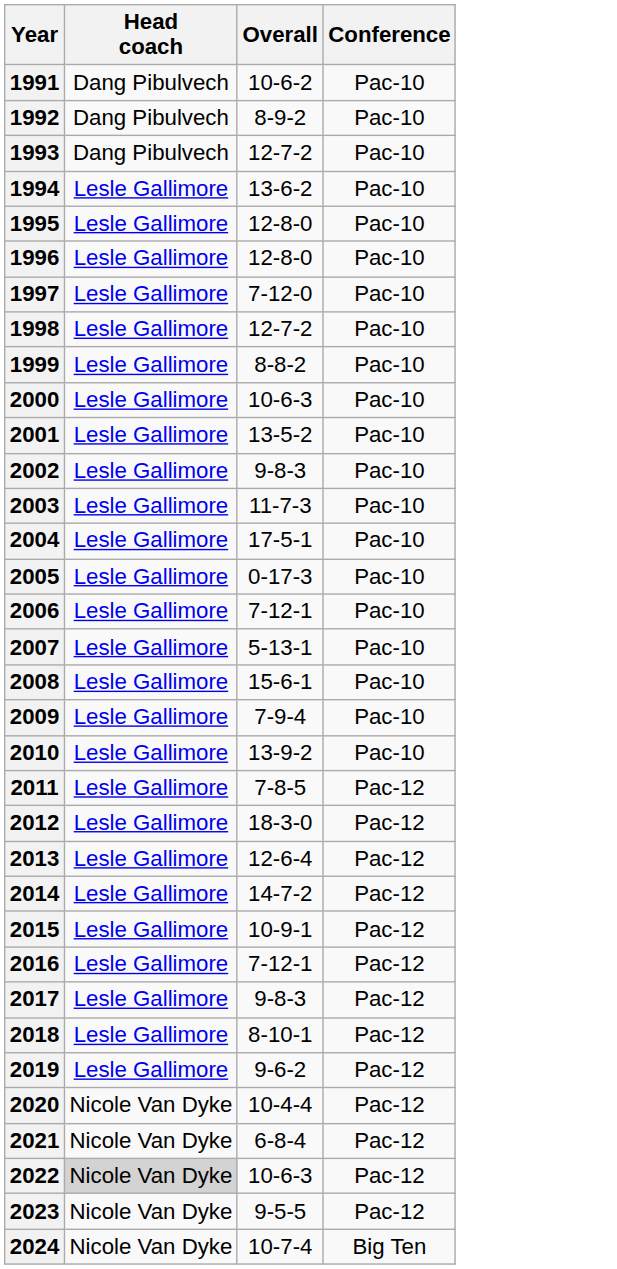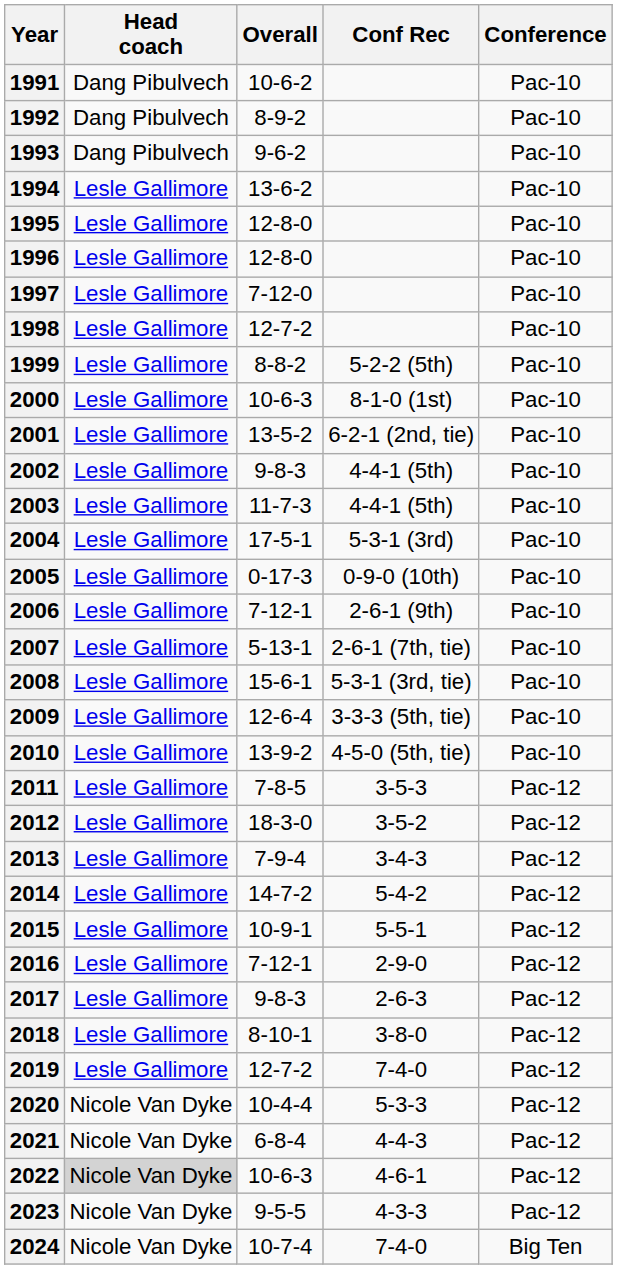 <table class="wikitable" style="text-align: center;">
 <tr>
 <th width=px>Year</th>
 <th width=px>Head<br>coach</th>
 <th width=px>Overall</th>
+<th width=px>Conf Rec</th>
 <th width=px>Conference</th>
 </tr>
 <tr>
 <th>1991</th>
 <td>Dang Pibulvech</td>
 <td>10-6-2</td>
+<td></td>
 <td>Pac-10</td>
 </tr>
 <tr>
 <th>1992</th>
 <td>Dang Pibulvech</td>
 <td>8-9-2</td>
+<td></td>
 <td>Pac-10</td>
 </tr>
 <tr>
 <th>1993</th>
 <td>Dang Pibulvech</td>
-<td>12-7-2</td>
+<td>9-6-2</td>
+<td></td>
 <td>Pac-10</td>
 </tr>
 <tr>
 <th>1994</th>
 <td><a href='#'>Lesle Gallimore</a></td>
 <td>13-6-2</td>
+<td></td>
 <td>Pac-10</td>
 </tr>
 <tr>
 <th>1995</th>
 <td><a href='#'>Lesle Gallimore</a></td>
 <td>12-8-0</td>
+<td></td>
 <td>Pac-10</td>
 </tr>
 <tr>
 <th>1996</th>
 <td><a href='#'>Lesle Gallimore</a></td>
 <td>12-8-0</td>
+<td></td>
 <td>Pac-10</td>
 </tr>
 <tr>
 <th>1997</th>
 <td><a href='#'>Lesle Gallimore</a></td>
 <td>7-12-0</td>
+<td></td>
 <td>Pac-10</td>
 </tr>
 <tr>
 <th>1998</th>
 <td><a href='#'>Lesle Gallimore</a></td>
 <td>12-7-2</td>
+<td></td>
 <td>Pac-10</td>
 </tr>
 <tr>
 <th>1999</th>
 <td><a href='#'>Lesle Gallimore</a></td>
 <td>8-8-2</td>
+<td>5-2-2 (5th)</td>
 <td>Pac-10</td>
 </tr>
 <tr>
 <th>2000</th>
 <td><a href='#'>Lesle Gallimore</a></td>
 <td>10-6-3</td>
+<td>8-1-0 (1st)</td>
 <td>Pac-10</td>
 </tr>
 <tr>
 <th>2001</th>
 <td><a href='#'>Lesle Gallimore</a></td>
 <td>13-5-2</td>
+<td>6-2-1 (2nd, tie)</td>
 <td>Pac-10</td>
 </tr>
 <tr>
 <th>2002</th>
 <td><a href='#'>Lesle Gallimore</a></td>
 <td>9-8-3</td>
+<td>4-4-1 (5th)</td>
 <td>Pac-10</td>
 </tr>
 <tr>
 <th>2003</th>
 <td><a href='#'>Lesle Gallimore</a></td>
 <td>11-7-3</td>
+<td>4-4-1 (5th)</td>
 <td>Pac-10</td>
 </tr>
 <tr>
 <th>2004</th>
 <td><a href='#'>Lesle Gallimore</a></td>
 <td>17-5-1</td>
+<td>5-3-1 (3rd)</td>
 <td>Pac-10</td>
 </tr>
 <tr>
 <th>2005</th>
 <td><a href='#'>Lesle Gallimore</a></td>
 <td>0-17-3</td>
+<td>0-9-0 (10th)</td>
 <td>Pac-10</td>
 </tr>
 <tr>
 <th>2006</th>
 <td><a href='#'>Lesle Gallimore</a></td>
 <td>7-12-1</td>
+<td>2-6-1 (9th)</td>
 <td>Pac-10</td>
 </tr>
 <tr>
 <th>2007</th>
 <td><a href='#'>Lesle Gallimore</a></td>
 <td>5-13-1</td>
+<td>2-6-1 (7th, tie)</td>
 <td>Pac-10</td>
 </tr>
 <tr>
 <th>2008</th>
 <td><a href='#'>Lesle Gallimore</a></td>
 <td>15-6-1</td>
+<td>5-3-1 (3rd, tie)</td>
 <td>Pac-10</td>
 </tr>
 <tr>
 <th>2009</th>
 <td><a href='#'>Lesle Gallimore</a></td>
-<td>7-9-4</td>
+<td>12-6-4</td>
+<td>3-3-3 (5th, tie)</td>
 <td>Pac-10</td>
 </tr>
 <tr>
 <th>2010</th>
 <td><a href='#'>Lesle Gallimore</a></td>
 <td>13-9-2</td>
+<td>4-5-0 (5th, tie)</td>
 <td>Pac-10</td>
 </tr>
 <tr>
 <th>2011</th>
 <td><a href='#'>Lesle Gallimore</a></td>
 <td>7-8-5</td>
+<td>3-5-3</td>
 <td>Pac-12</td>
 </tr>
 <tr>
 <th>2012</th>
 <td><a href='#'>Lesle Gallimore</a></td>
 <td>18-3-0</td>
+<td>3-5-2</td>
 <td>Pac-12</td>
 </tr>
 <tr>
 <th>2013</th>
 <td><a href='#'>Lesle Gallimore</a></td>
-<td>12-6-4</td>
+<td>7-9-4</td>
+<td>3-4-3</td>
 <td>Pac-12</td>
 </tr>
 <tr>
 <th>2014</th>
 <td><a href='#'>Lesle Gallimore</a></td>
 <td>14-7-2</td>
+<td>5-4-2</td>
 <td>Pac-12</td>
 </tr>
 <tr>
 <th>2015</th>
 <td><a href='#'>Lesle Gallimore</a></td>
 <td>10-9-1</td>
+<td>5-5-1</td>
 <td>Pac-12</td>
 </tr>
 <tr>
 <th>2016</th>
 <td><a href='#'>Lesle Gallimore</a></td>
 <td>7-12-1</td>
+<td>2-9-0</td>
 <td>Pac-12</td>
 </tr>
 <tr>
 <th>2017</th>
 <td><a href='#'>Lesle Gallimore</a></td>
 <td>9-8-3</td>
+<td>2-6-3</td>
 <td>Pac-12</td>
 </tr>
 <tr>
 <th>2018</th>
 <td><a href='#'>Lesle Gallimore</a></td>
 <td>8-10-1</td>
+<td>3-8-0</td>
 <td>Pac-12</td>
 </tr>
 <tr>
 <th>2019</th>
 <td><a href='#'>Lesle Gallimore</a></td>
-<td>9-6-2</td>
+<td>12-7-2</td>
+<td>7-4-0</td>
 <td>Pac-12</td>
 </tr>
 <tr>
 <th>2020</th>
 <td>Nicole Van Dyke</td>
 <td>10-4-4</td>
+<td>5-3-3</td>
 <td>Pac-12</td>
 </tr>
 <tr>
 <th>2021</th>
 <td>Nicole Van Dyke</td>
 <td>6-8-4</td>
+<td>4-4-3</td>
 <td>Pac-12</td>
 </tr>
 <tr>
 <th>2022</th>
 <td style="background: lightgrey;">Nicole Van Dyke</td>
 <td>10-6-3</td>
+<td>4-6-1</td>
 <td>Pac-12</td>
 </tr>
 <tr>
 <th>2023</th>
 <td>Nicole Van Dyke</td>
 <td>9-5-5</td>
+<td>4-3-3</td>
 <td>Pac-12</td>
 </tr>
 <tr>
 <th>2024</th>
 <td>Nicole Van Dyke</td>
 <td>10-7-4</td>
+<td>7-4-0</td>
 <td>Big Ten</td>
 </tr>
 </table>
